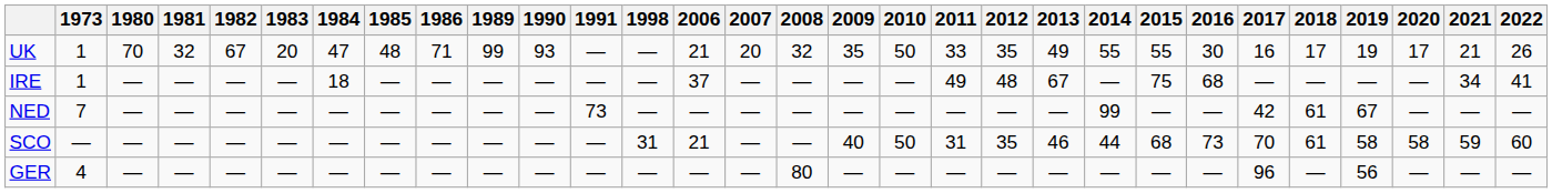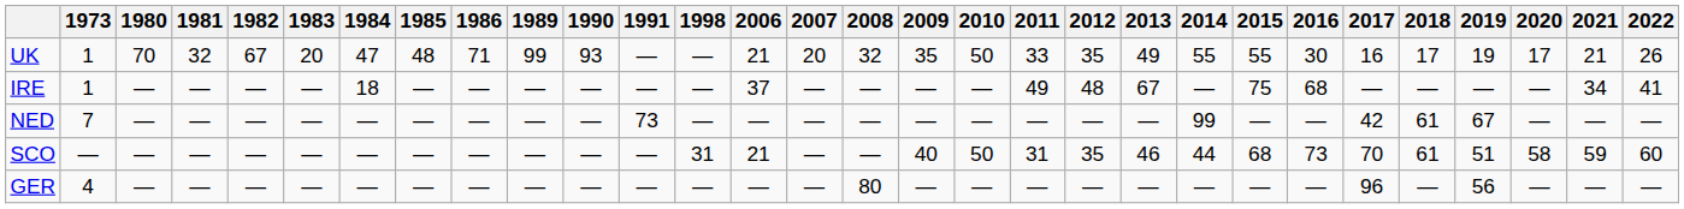 <table class="wikitable" style="text-align:center;">
 <tr>
 <th style="width:4em"></th>
 <th style="width:2em">1973</th>
 <th style="width:2em">1980</th>
 <th style="width:2em">1981</th>
 <th style="width:2em">1982</th>
 <th style="width:2em">1983</th>
 <th style="width:2em">1984</th>
 <th style="width:2em">1985</th>
 <th style="width:2em">1986</th>
 <th style="width:2em">1989</th>
 <th style="width:2em">1990</th>
 <th style="width:2em">1991</th>
 <th style="width:2em">1998</th>
 <th style="width:2em">2006</th>
 <th style="width:2em">2007</th>
 <th style="width:2em">2008</th>
 <th style="width:2em">2009</th>
 <th style="width:2em">2010</th>
 <th style="width:2em">2011</th>
 <th style="width:2em">2012</th>
 <th style="width:2em">2013</th>
 <th style="width:2em">2014</th>
 <th style="width:2em">2015</th>
 <th style="width:2em">2016</th>
 <th style="width:2em">2017</th>
 <th style="width:2em">2018</th>
 <th style="width:2em">2019</th>
 <th style="width:2em">2020</th>
 <th style="width:2em">2021</th>
 <th style="width:2em">2022</th>
 </tr>
 <tr>
 <td style="text-align:left;width:6em"><a href='#'>UK</a></td>
 <td>1</td>
 <td>70</td>
 <td>32</td>
 <td>67</td>
 <td>20</td>
 <td>47</td>
 <td>48</td>
 <td>71</td>
 <td>99</td>
 <td>93</td>
 <td>—</td>
 <td>—</td>
 <td>21</td>
 <td>20</td>
 <td>32</td>
 <td>35</td>
 <td>50</td>
 <td>33</td>
 <td>35</td>
 <td>49</td>
 <td>55</td>
 <td>55</td>
 <td>30</td>
 <td>16</td>
 <td>17</td>
 <td>19</td>
 <td>17</td>
 <td>21</td>
 <td>26</td>
 </tr>
 <tr>
 <td style="text-align:left;width:6em"><a href='#'>IRE</a></td>
 <td>1</td>
 <td>—</td>
 <td>—</td>
 <td>—</td>
 <td>—</td>
 <td>18</td>
 <td>—</td>
 <td>—</td>
 <td>—</td>
 <td>—</td>
 <td>—</td>
 <td>—</td>
 <td>37</td>
 <td>—</td>
 <td>—</td>
 <td>—</td>
 <td>—</td>
 <td>49</td>
 <td>48</td>
 <td>67</td>
 <td>—</td>
 <td>75</td>
 <td>68</td>
 <td>—</td>
 <td>—</td>
 <td>—</td>
 <td>—</td>
 <td>34</td>
 <td>41</td>
 </tr>
 <tr>
 <td style="text-align:left;width:6em"><a href='#'>NED</a></td>
 <td>7</td>
 <td>—</td>
 <td>—</td>
 <td>—</td>
 <td>—</td>
 <td>—</td>
 <td>—</td>
 <td>—</td>
 <td>—</td>
 <td>—</td>
 <td>73</td>
 <td>—</td>
 <td>—</td>
 <td>—</td>
 <td>—</td>
 <td>—</td>
 <td>—</td>
 <td>—</td>
 <td>—</td>
 <td>—</td>
 <td>99</td>
 <td>—</td>
 <td>—</td>
 <td>42</td>
 <td>61</td>
 <td>67</td>
 <td>—</td>
 <td>—</td>
 <td>—</td>
 </tr>
 <tr>
 <td style="text-align:left;width:6em"><a href='#'>SCO</a></td>
 <td>—</td>
 <td>—</td>
 <td>—</td>
 <td>—</td>
 <td>—</td>
 <td>—</td>
 <td>—</td>
 <td>—</td>
 <td>—</td>
 <td>—</td>
 <td>—</td>
 <td>31</td>
 <td>21</td>
 <td>—</td>
 <td>—</td>
 <td>40</td>
 <td>50</td>
 <td>31</td>
 <td>35</td>
 <td>46</td>
 <td>44</td>
 <td>68</td>
 <td>73</td>
 <td>70</td>
 <td>61</td>
-<td>58</td>
+<td>51</td>
 <td>58</td>
 <td>59</td>
 <td>60</td>
 </tr>
 <tr>
 <td style="text-align:left;width:6em"><a href='#'>GER</a></td>
 <td>4</td>
 <td>—</td>
 <td>—</td>
 <td>—</td>
 <td>—</td>
 <td>—</td>
 <td>—</td>
 <td>—</td>
 <td>—</td>
 <td>—</td>
 <td>—</td>
 <td>—</td>
 <td>—</td>
 <td>—</td>
 <td>80</td>
 <td>—</td>
 <td>—</td>
 <td>—</td>
 <td>—</td>
 <td>—</td>
 <td>—</td>
 <td>—</td>
 <td>—</td>
 <td>96</td>
 <td>—</td>
 <td>56</td>
 <td>—</td>
 <td>—</td>
 <td>—</td>
 </tr>
 </table>
